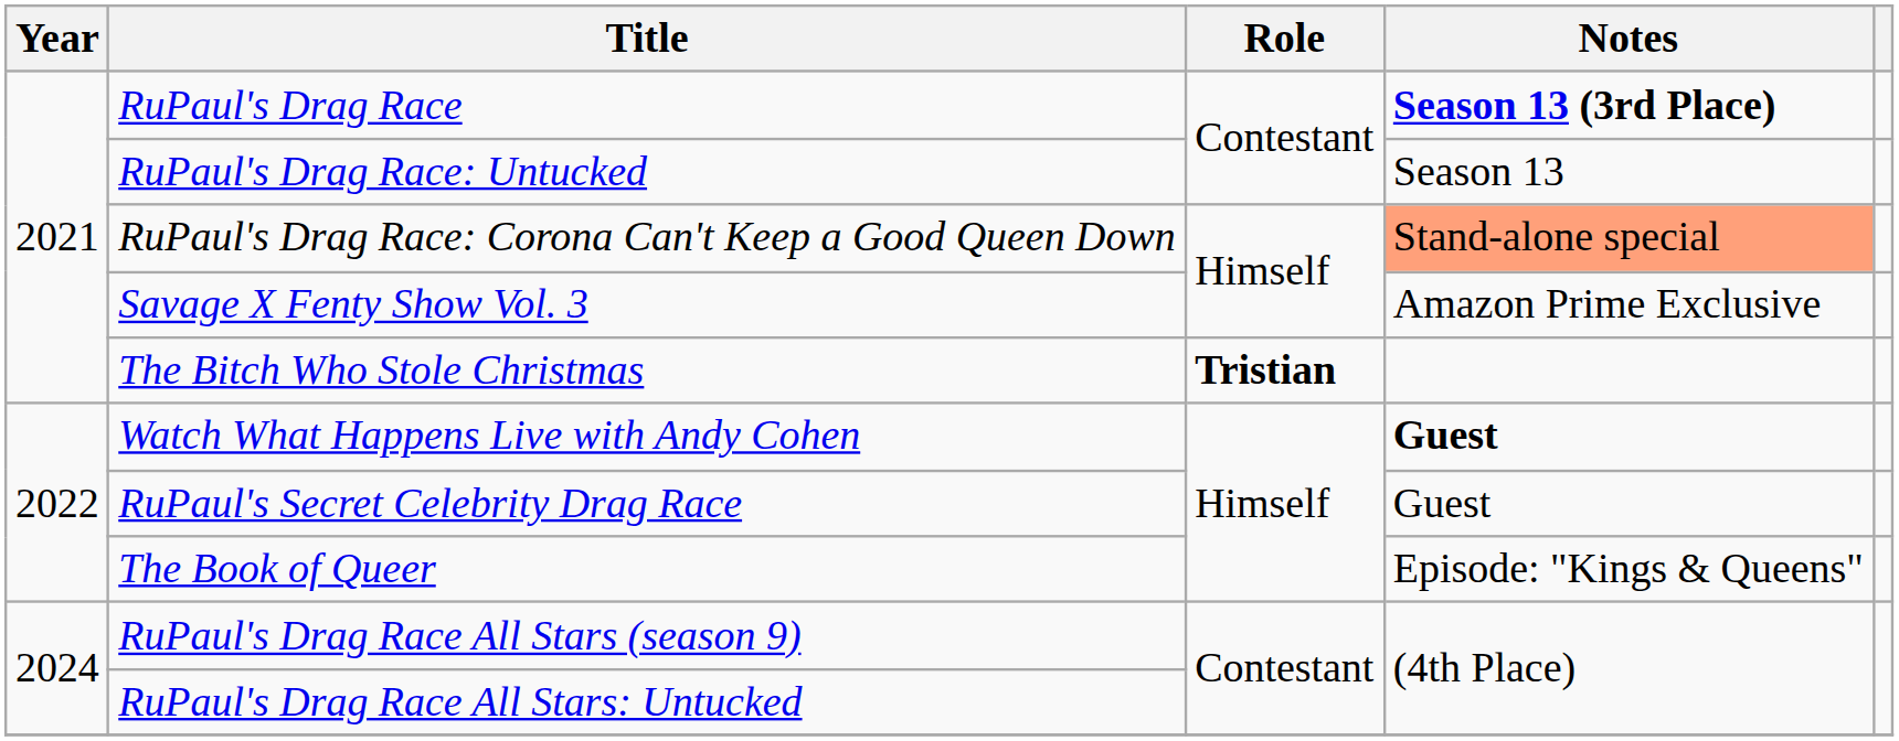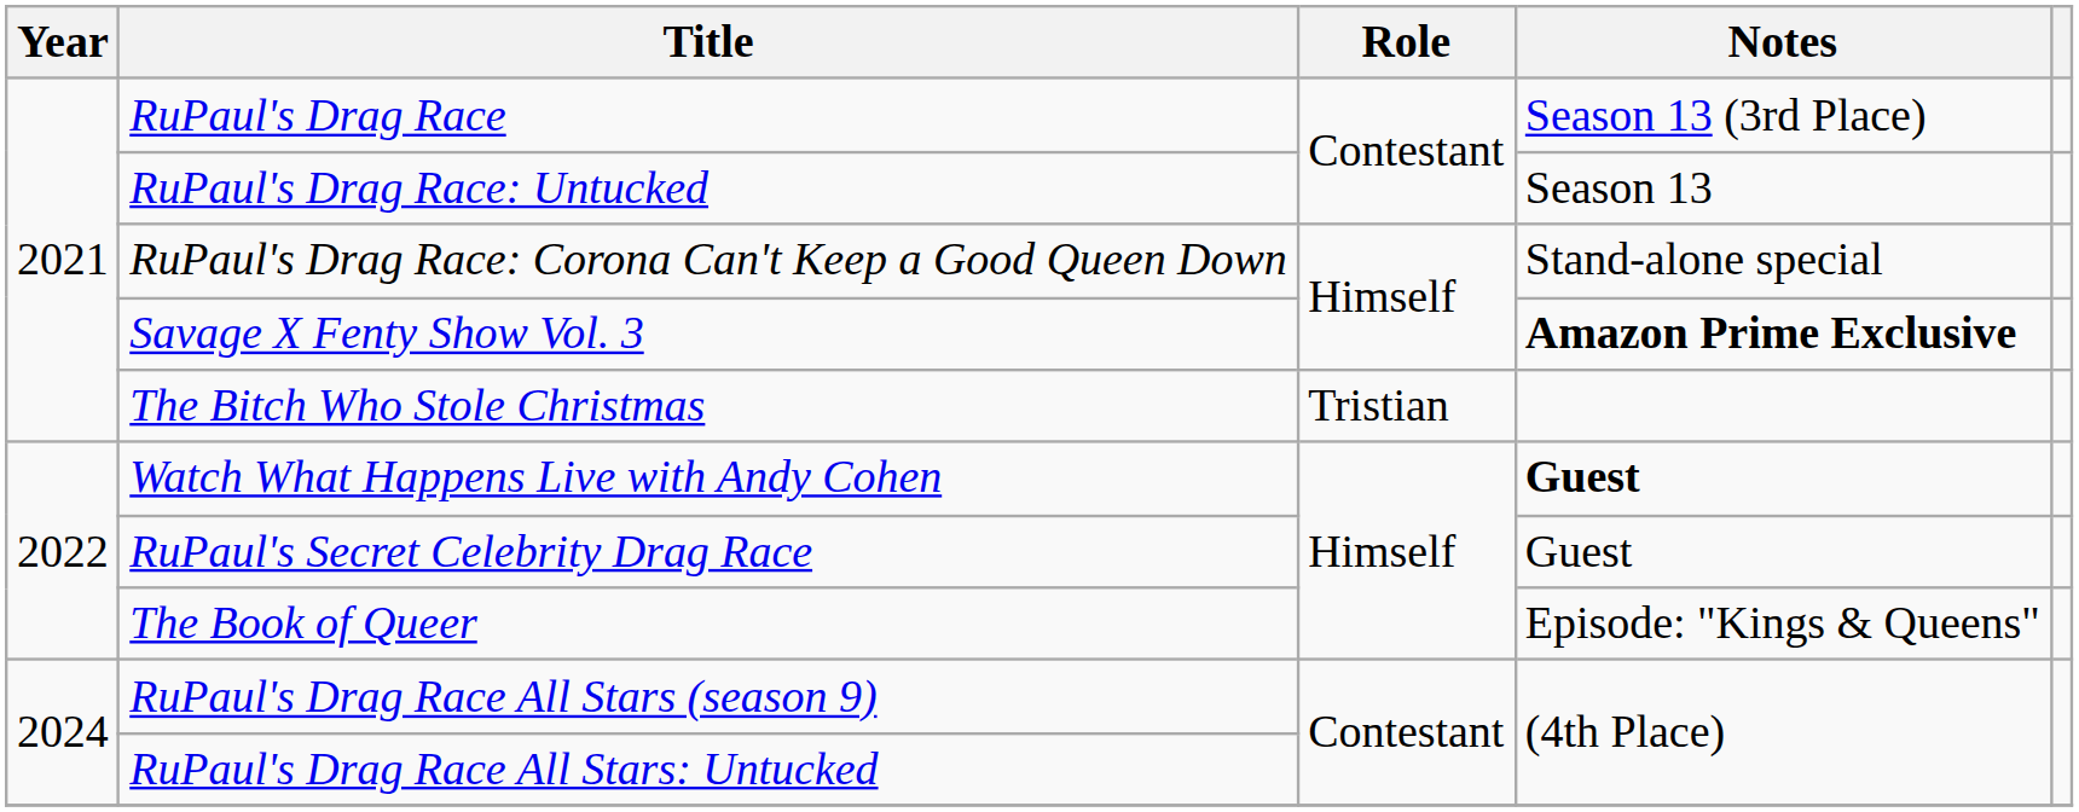 <table class="wikitable">
 <tr>
 <th>Year</th>
 <th>Title</th>
 <th>Role</th>
 <th>Notes</th>
 <th style="text-align: center;" class="unsortable"></th>
 </tr>
 <tr>
 <td rowspan="5">2021</td>
 <td><em><a href='#'>RuPaul's Drag Race</a></em></td>
 <td rowspan="2">Contestant</td>
-<td><strong><a href='#'>Season 13</a> (3rd Place)</strong></td>
+<td><a href='#'>Season 13</a> (3rd Place)</td>
 <td></td>
 </tr>
 <tr>
 <td><em><a href='#'>RuPaul's Drag Race: Untucked</a></em></td>
 <td>Season 13</td>
 <td></td>
 </tr>
 <tr>
 <td><em>RuPaul's Drag Race: Corona Can't Keep a Good Queen Down</em></td>
 <td rowspan="2">Himself</td>
-<td style="background: lightsalmon;">Stand-alone special</td>
+<td>Stand-alone special</td>
 <td></td>
 </tr>
 <tr>
 <td><em><a href='#'>Savage X Fenty Show Vol. 3</a></em></td>
-<td>Amazon Prime Exclusive</td>
+<td><strong>Amazon Prime Exclusive</strong></td>
 <td style="text-align: center;"></td>
 </tr>
 <tr>
 <td><em><a href='#'>The Bitch Who Stole Christmas</a></em></td>
-<td><strong>Tristian</strong></td>
+<td>Tristian</td>
 <td></td>
 <td></td>
 </tr>
 <tr>
 <td rowspan="3">2022</td>
 <td><em><a href='#'>Watch What Happens Live with Andy Cohen</a></em></td>
 <td rowspan="3">Himself</td>
 <td><strong>Guest</strong></td>
 <td></td>
 </tr>
 <tr>
 <td><em><a href='#'>RuPaul's Secret Celebrity Drag Race</a></em></td>
 <td>Guest</td>
 <td style="text-align: center;"></td>
 </tr>
 <tr>
 <td><em><a href='#'>The Book of Queer</a></em></td>
 <td>Episode: "Kings & Queens"</td>
 <td style="text-align: center;"></td>
 </tr>
 <tr>
 <td rowspan="2">2024</td>
 <td><em><a href='#'>RuPaul's Drag Race All Stars (season 9)</a></em></td>
 <td rowspan="2">Contestant</td>
 <td rowspan="2">(4th Place)</td>
 <td rowspan="2" style="text-align: center;"></td>
 </tr>
 <tr>
 <td scope="row"><em><a href='#'>RuPaul's Drag Race All Stars: Untucked</a></em></td>
 </tr>
 <tr>
 </tr>
 </table>
